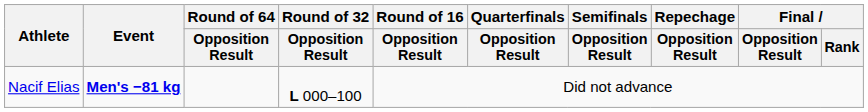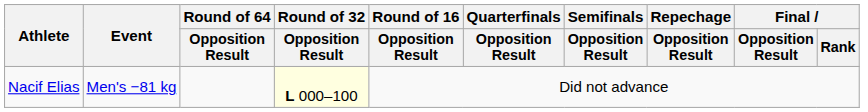 <table class="wikitable" style="font-size:90%">
 <tr>
 <th rowspan="2">Athlete</th>
 <th rowspan="2">Event</th>
 <th>Round of 64</th>
 <th>Round of 32</th>
 <th>Round of 16</th>
 <th>Quarterfinals</th>
 <th>Semifinals</th>
 <th>Repechage</th>
 <th colspan=2>Final / </th>
 </tr>
 <tr style="font-size:95%">
 <th>Opposition<br>Result</th>
 <th>Opposition<br>Result</th>
 <th>Opposition<br>Result</th>
 <th>Opposition<br>Result</th>
 <th>Opposition<br>Result</th>
 <th>Opposition<br>Result</th>
 <th>Opposition<br>Result</th>
 <th>Rank</th>
 </tr>
 <tr align=center>
 <td align=left><a href='#'>Nacif Elias</a></td>
-<td align=left><strong><a href='#'>Men's −81 kg</a></strong></td>
+<td align=left><a href='#'>Men's −81 kg</a></td>
 <td></td>
-<td><br><strong>L</strong> 000–100</td>
+<td style="background: lightyellow;"><br><strong>L</strong> 000–100</td>
 <td colspan=7>Did not advance</td>
 </tr>
 </table>
